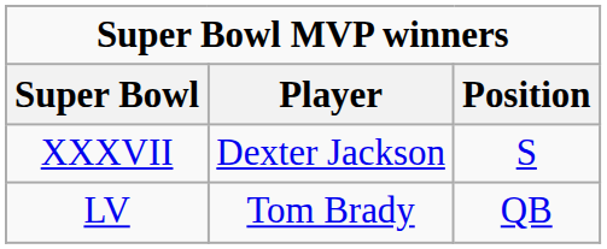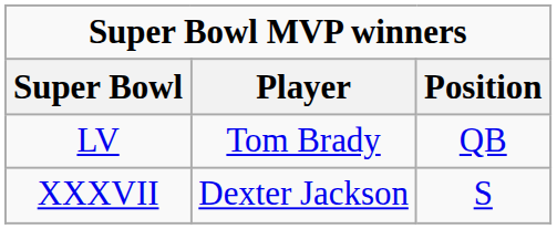 <table class="wikitable" style="text-align:center">
 <tr>
 <td colspan="3"><strong>Super Bowl MVP winners</strong></td>
 </tr>
 <tr>
 <th>Super Bowl</th>
 <th>Player</th>
 <th>Position</th>
 </tr>
 <tr>
+<td><a href='#'>LV</a></td>
+<td><a href='#'>Tom Brady</a></td>
+<td><a href='#'>QB</a></td>
+</tr>
+<tr>
 <td><a href='#'>XXXVII</a></td>
 <td><a href='#'>Dexter Jackson</a></td>
 <td><a href='#'>S</a></td>
 </tr>
-<tr>
-<td><a href='#'>LV</a></td>
-<td><a href='#'>Tom Brady</a></td>
-<td><a href='#'>QB</a></td>
-</tr>
 </table>
